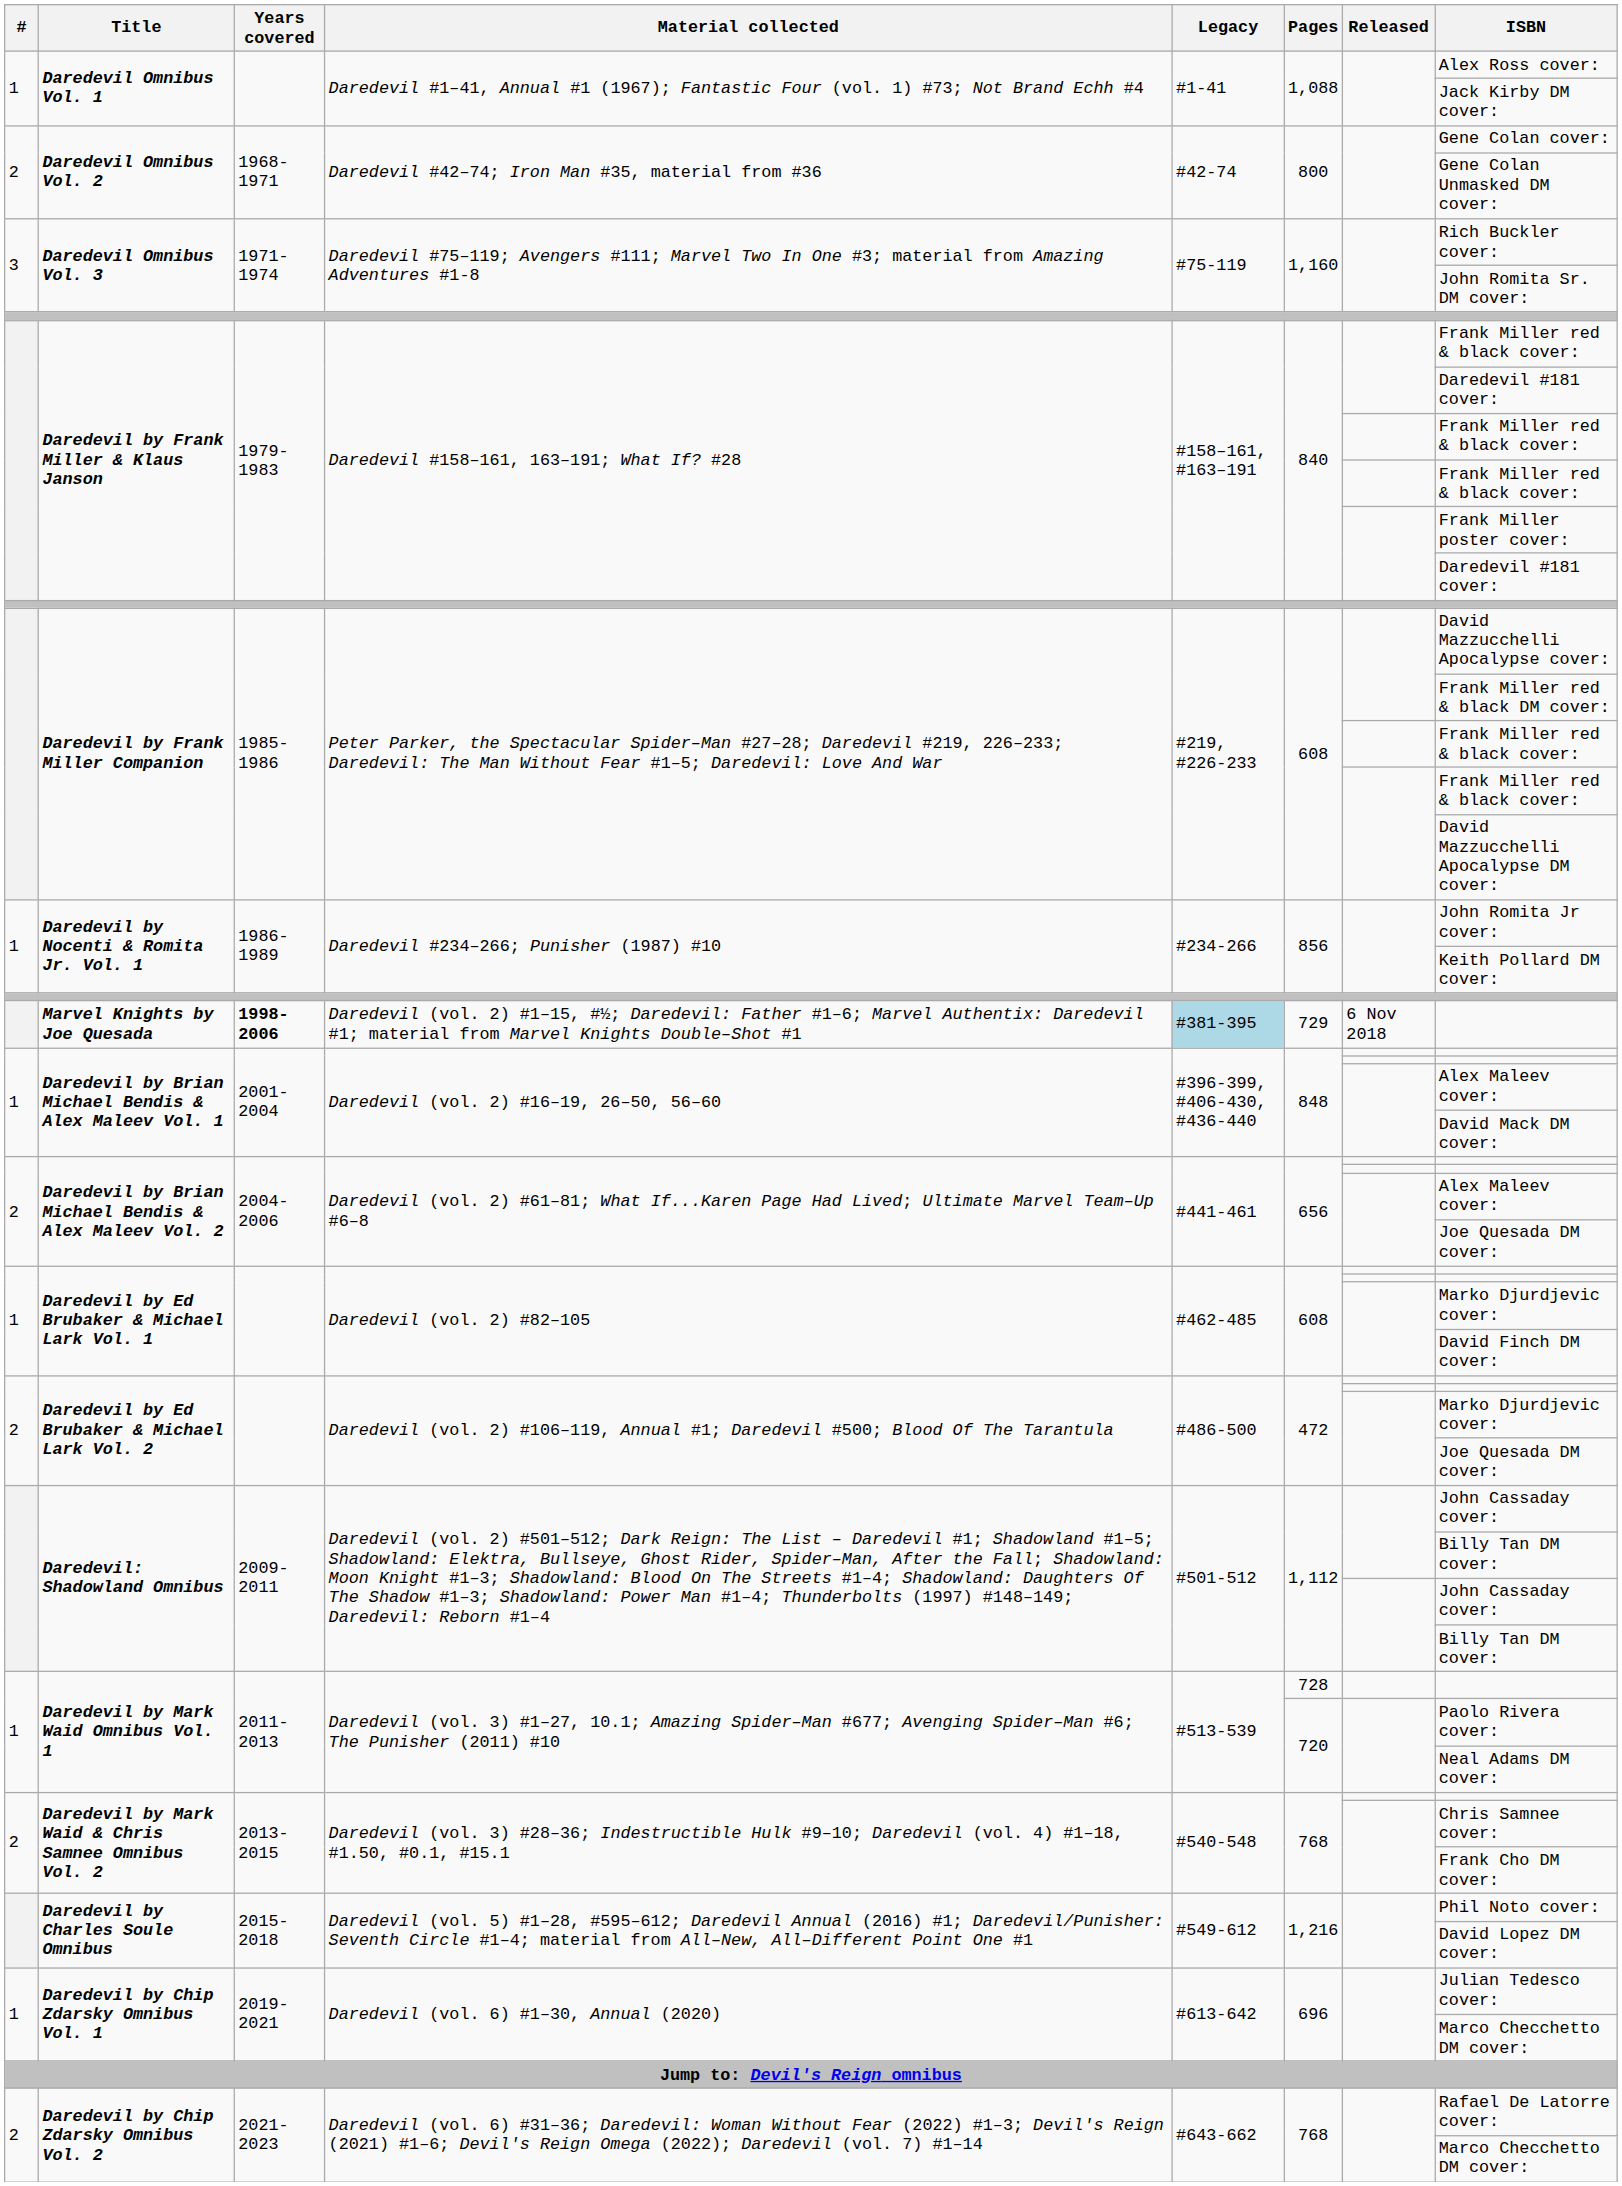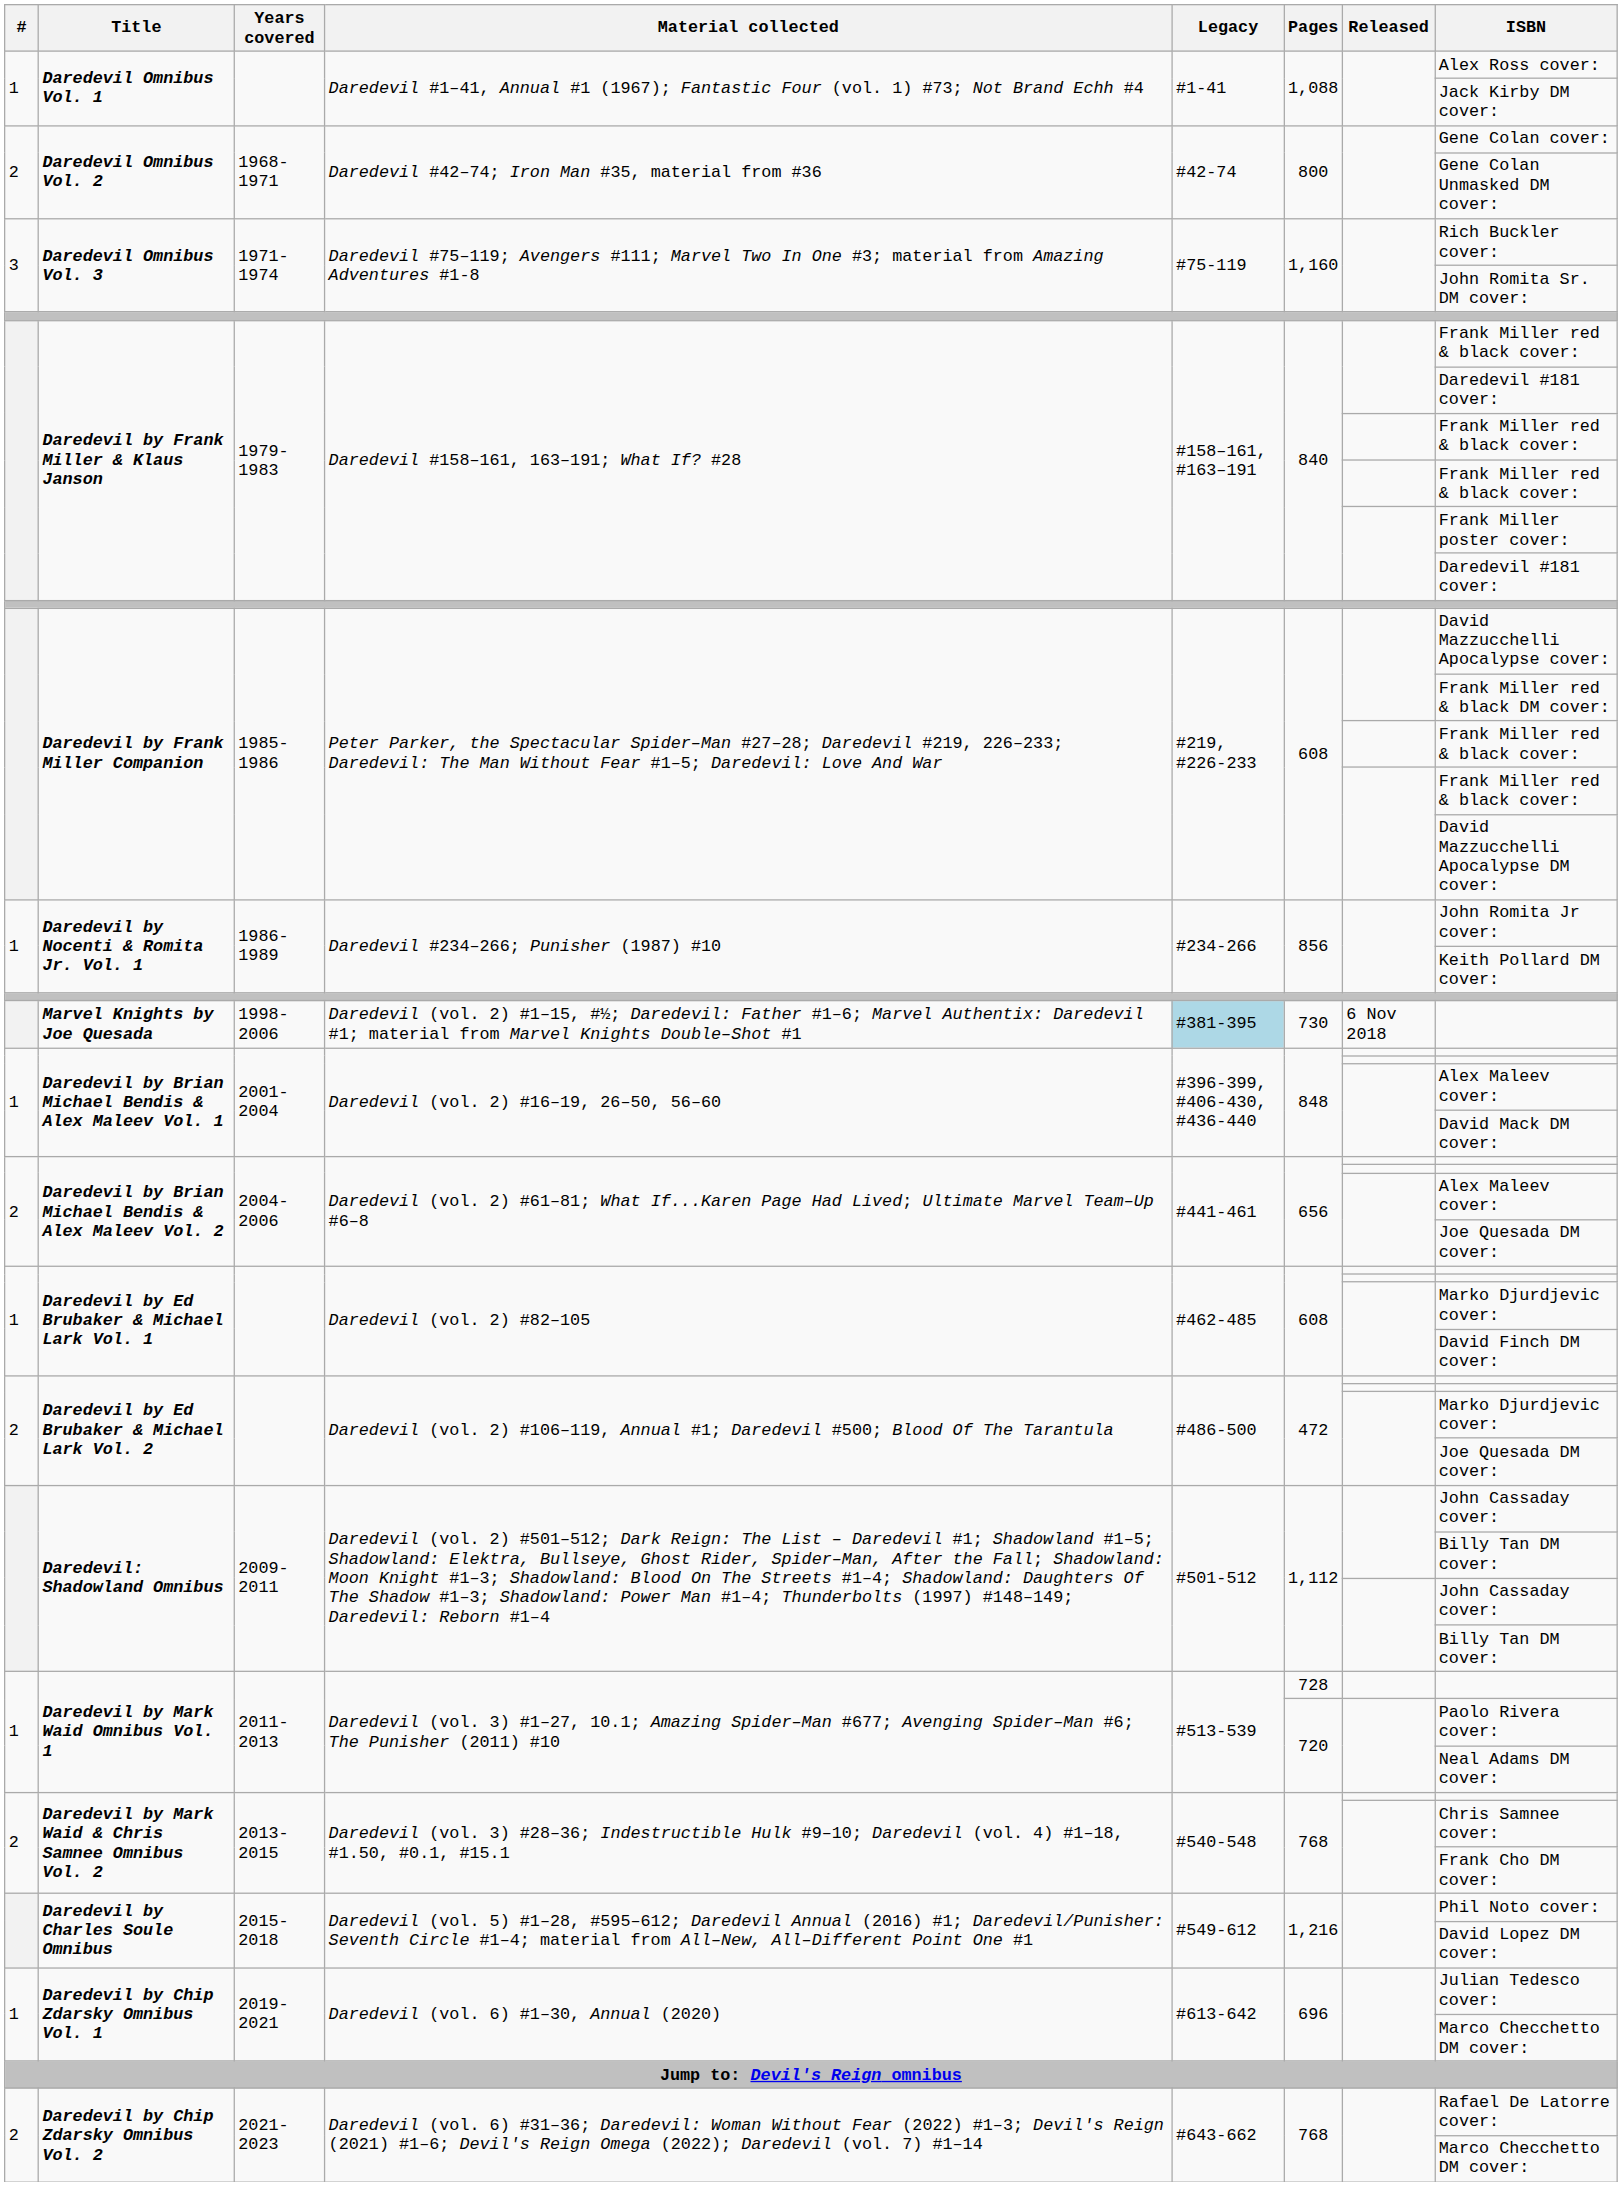 <table class="wikitable sortable">
 <tr>
 <th class="unsortable" width="20px">#</th>
 <th>Title</th>
 <th>Years covered</th>
 <th class="unsortable">Material collected</th>
 <th>Legacy</th>
 <th>Pages</th>
 <th>Released</th>
 <th class="unsortable">ISBN</th>
 </tr>
 <tr>
 <td rowspan=2>1</td>
 <td rowspan=2><strong><em>Daredevil Omnibus Vol. 1</em></strong></td>
 <td rowspan=2></td>
 <td rowspan=2><em>Daredevil</em> #1–41, <em>Annual</em> #1 (1967); <em>Fantastic Four</em> (vol. 1) #73; <em>Not Brand Echh</em> #4</td>
 <td rowspan=2>#1-41</td>
 <td rowspan=2 style="text-align: center;">1,088</td>
 <td rowspan=2></td>
 <td>Alex Ross cover: </td>
 </tr>
 <tr>
 <td>Jack Kirby DM cover: </td>
 </tr>
 <tr>
 <td rowspan=2>2</td>
 <td rowspan=2><strong><em>Daredevil Omnibus Vol. 2</em></strong></td>
 <td rowspan=2>1968-1971</td>
 <td rowspan=2><em>Daredevil</em> #42–74; <em>Iron Man</em> #35, material from #36</td>
 <td rowspan=2>#42-74</td>
 <td rowspan=2 style="text-align: center;">800</td>
 <td rowspan=2></td>
 <td>Gene Colan cover: </td>
 </tr>
 <tr>
 <td>Gene Colan Unmasked DM cover: </td>
 </tr>
 <tr>
 <td rowspan=2>3</td>
 <td rowspan=2><strong><em>Daredevil Omnibus Vol. 3</em></strong></td>
 <td rowspan=2>1971-1974</td>
 <td rowspan=2><em>Daredevil</em> #75–119; <em>Avengers</em> #111; <em>Marvel Two In One</em> #3; material from <em>Amazing Adventures</em> #1-8</td>
 <td rowspan=2>#75-119</td>
 <td rowspan=2 style="text-align: center;">1,160</td>
 <td rowspan=2></td>
 <td>Rich Buckler cover: </td>
 </tr>
 <tr>
 <td>John Romita Sr. DM cover: </td>
 </tr>
 <tr>
 <td colspan=8 style="background-color: silver;"></td>
 </tr>
 <tr>
 <th style="background-color: light grey;" rowspan=6></th>
 <td rowspan=6><strong><em>Daredevil by Frank Miller & Klaus Janson</em></strong></td>
 <td rowspan=6>1979-1983</td>
 <td rowspan=6><em>Daredevil</em> #158–161, 163–191; <em>What If?</em> #28</td>
 <td rowspan=6>#158–161, #163–191</td>
 <td rowspan=6 style="text-align: center;">840</td>
 <td rowspan=2></td>
 <td>Frank Miller red & black cover: </td>
 </tr>
 <tr>
 <td>Daredevil #181 cover: </td>
 </tr>
 <tr>
 <td></td>
 <td>Frank Miller red & black cover: </td>
 </tr>
 <tr>
 <td></td>
 <td>Frank Miller red & black cover: </td>
 </tr>
 <tr>
 <td rowspan=2></td>
 <td>Frank Miller poster cover: </td>
 </tr>
 <tr>
 <td>Daredevil #181 cover: </td>
 </tr>
 <tr>
 <td colspan=8 style="background-color: silver;"></td>
 </tr>
 <tr>
 <th style="background-color: light grey;" rowspan=5></th>
 <td rowspan=5><strong><em>Daredevil by Frank Miller Companion</em></strong></td>
 <td rowspan=5>1985-1986</td>
 <td rowspan=5><em>Peter Parker, the Spectacular Spider–Man</em> #27–28; <em>Daredevil</em> #219, 226–233; <em>Daredevil: The Man Without Fear</em> #1–5; <em>Daredevil: Love And War</em></td>
 <td rowspan=5>#219, #226-233</td>
 <td rowspan=5 style="text-align: center;">608</td>
 <td rowspan=2></td>
 <td>David Mazzucchelli Apocalypse cover: </td>
 </tr>
 <tr>
 <td>Frank Miller red & black DM cover: </td>
 </tr>
 <tr>
 <td></td>
 <td>Frank Miller red & black cover: </td>
 </tr>
 <tr>
 <td rowspan=2></td>
 <td>Frank Miller red & black cover: </td>
 </tr>
 <tr>
 <td>David Mazzucchelli Apocalypse DM cover: </td>
 </tr>
 <tr>
 <td rowspan=2>1</td>
 <td rowspan=2><strong><em>Daredevil by Nocenti & Romita Jr. Vol. 1</em></strong></td>
 <td rowspan=2>1986-1989</td>
 <td rowspan=2><em>Daredevil</em> #234–266; <em>Punisher</em> (1987) #10</td>
 <td rowspan=2>#234-266</td>
 <td rowspan=2 style="text-align: center;">856</td>
 <td rowspan=2></td>
 <td>John Romita Jr cover: </td>
 </tr>
 <tr>
 <td>Keith Pollard DM cover: </td>
 </tr>
 <tr>
 <td colspan=8 style="background-color: silver;"></td>
 </tr>
 <tr>
 <th style="background-color: light grey;"></th>
 <td><strong><em>Marvel Knights by Joe Quesada</em></strong></td>
-<td><strong>1998-2006</strong></td>
+<td>1998-2006</td>
 <td><em>Daredevil</em> (vol. 2) #1–15, #½; <em>Daredevil: Father</em> #1–6; <em>Marvel Authentix: Daredevil</em> #1; material from <em>Marvel Knights Double–Shot</em> #1</td>
 <td style="background: lightblue;">#381-395</td>
-<td style="text-align: center;">729</td>
+<td style="text-align: center;">730</td>
 <td>6 Nov 2018</td>
 <td></td>
 </tr>
 <tr>
 <td rowspan=4>1</td>
 <td rowspan=4><strong><em>Daredevil by Brian Michael Bendis & Alex Maleev Vol. 1</em></strong></td>
 <td rowspan=4>2001-2004</td>
 <td rowspan=4><em>Daredevil</em> (vol. 2) #16–19, 26–50, 56–60</td>
 <td rowspan=4>#396-399, #406-430, #436-440</td>
 <td rowspan=4 style="text-align: center;">848</td>
 <td></td>
 <td></td>
 </tr>
 <tr>
 <td></td>
 <td></td>
 </tr>
 <tr>
 <td rowspan=2></td>
 <td>Alex Maleev cover: </td>
 </tr>
 <tr>
 <td>David Mack DM cover: </td>
 </tr>
 <tr>
 <td rowspan=4>2</td>
 <td rowspan=4><strong><em>Daredevil by Brian Michael Bendis & Alex Maleev Vol. 2</em></strong></td>
 <td rowspan=4>2004-2006</td>
 <td rowspan=4><em>Daredevil</em> (vol. 2) #61–81; <em>What If...Karen Page Had Lived</em>; <em>Ultimate Marvel Team–Up</em> #6–8</td>
 <td rowspan=4>#441-461</td>
 <td rowspan=4 style="text-align: center;">656</td>
 <td></td>
 <td></td>
 </tr>
 <tr>
 <td></td>
 <td></td>
 </tr>
 <tr>
 <td rowspan=2></td>
 <td>Alex Maleev cover: </td>
 </tr>
 <tr>
 <td>Joe Quesada DM cover: </td>
 </tr>
 <tr>
 <td rowspan=4>1</td>
 <td rowspan=4><strong><em>Daredevil by Ed Brubaker & Michael Lark Vol. 1</em></strong></td>
 <td rowspan=4></td>
 <td rowspan=4><em>Daredevil</em> (vol. 2) #82–105</td>
 <td rowspan=4>#462-485</td>
 <td rowspan=4 style="text-align: center;">608</td>
 <td></td>
 <td></td>
 </tr>
 <tr>
 <td></td>
 <td></td>
 </tr>
 <tr>
 <td rowspan=2></td>
 <td>Marko Djurdjevic cover: </td>
 </tr>
 <tr>
 <td>David Finch DM cover: </td>
 </tr>
 <tr>
 <td rowspan=4>2</td>
 <td rowspan=4><strong><em>Daredevil by Ed Brubaker & Michael Lark Vol. 2</em></strong></td>
 <td rowspan=4></td>
 <td rowspan=4><em>Daredevil</em> (vol. 2) #106–119, <em>Annual</em> #1; <em>Daredevil</em> #500; <em>Blood Of The Tarantula</em></td>
 <td rowspan=4>#486-500</td>
 <td rowspan=4 style="text-align: center;">472</td>
 <td></td>
 <td></td>
 </tr>
 <tr>
 <td></td>
 <td></td>
 </tr>
 <tr>
 <td rowspan=2></td>
 <td>Marko Djurdjevic cover: </td>
 </tr>
 <tr>
 <td>Joe Quesada DM cover: </td>
 </tr>
 <tr>
 <th rowspan=4 style="background-color: light grey;"></th>
 <td rowspan=4><strong><em>Daredevil: Shadowland Omnibus</em></strong></td>
 <td rowspan=4>2009-2011</td>
 <td rowspan=4><em>Daredevil</em> (vol. 2) #501–512; <em>Dark Reign: The List – Daredevil</em> #1; <em>Shadowland</em> #1–5; <em>Shadowland: Elektra, Bullseye, Ghost Rider, Spider–Man, After the Fall</em>; <em>Shadowland: Moon Knight</em> #1–3; <em>Shadowland: Blood On The Streets</em> #1–4; <em>Shadowland: Daughters Of The Shadow</em> #1–3; <em>Shadowland: Power Man</em> #1–4; <em>Thunderbolts</em> (1997) #148–149; <em>Daredevil: Reborn</em> #1–4</td>
 <td rowspan=4>#501-512</td>
 <td rowspan=4 style="text-align: center;">1,112</td>
 <td rowspan=2></td>
 <td>John Cassaday cover: </td>
 </tr>
 <tr>
 <td>Billy Tan DM cover: </td>
 </tr>
 <tr>
 <td rowspan=2></td>
 <td>John Cassaday cover: </td>
 </tr>
 <tr>
 <td>Billy Tan DM cover: </td>
 </tr>
 <tr>
 <td rowspan=3>1</td>
 <td rowspan=3><strong><em>Daredevil by Mark Waid Omnibus Vol. 1</em></strong></td>
 <td rowspan=3>2011-2013</td>
 <td rowspan=3><em>Daredevil</em> (vol. 3) #1–27, 10.1; <em>Amazing Spider–Man</em> #677; <em>Avenging Spider–Man</em> #6; <em>The Punisher</em> (2011) #10</td>
 <td rowspan=3>#513-539</td>
 <td style="text-align: center;">728</td>
 <td></td>
 <td></td>
 </tr>
 <tr>
 <td rowspan=2 style="text-align: center;">720</td>
 <td rowspan=2></td>
 <td>Paolo Rivera cover: </td>
 </tr>
 <tr>
 <td>Neal Adams DM cover: </td>
 </tr>
 <tr>
 <td rowspan=3>2</td>
 <td rowspan=3><strong><em>Daredevil by Mark Waid & Chris Samnee Omnibus Vol. 2</em></strong></td>
 <td rowspan=3>2013-2015</td>
 <td rowspan=3><em>Daredevil</em> (vol. 3) #28–36; <em>Indestructible Hulk</em> #9–10; <em>Daredevil</em> (vol. 4) #1–18, #1.50, #0.1, #15.1</td>
 <td rowspan=3>#540-548</td>
 <td rowspan=3 style="text-align: center;">768</td>
 <td></td>
 <td></td>
 </tr>
 <tr>
 <td rowspan="2"></td>
 <td>Chris Samnee cover: </td>
 </tr>
 <tr>
 <td>Frank Cho DM cover: </td>
 </tr>
 <tr>
 <th rowspan=2 style="background-color: light grey;"></th>
 <td rowspan=2><strong><em>Daredevil by Charles Soule Omnibus</em></strong></td>
 <td rowspan=2>2015-2018</td>
 <td rowspan=2><em>Daredevil</em> (vol. 5) #1–28, #595–612; <em>Daredevil Annual</em> (2016) #1; <em>Daredevil/Punisher: Seventh Circle</em> #1–4; material from <em>All–New, All–Different Point One</em> #1</td>
 <td rowspan=2>#549-612</td>
 <td rowspan=2 style="text-align: center;">1,216</td>
 <td rowspan=2></td>
 <td>Phil Noto cover: </td>
 </tr>
 <tr>
 <td>David Lopez DM cover: </td>
 </tr>
 <tr>
 <td rowspan=2>1</td>
 <td rowspan=2><strong><em>Daredevil by Chip Zdarsky Omnibus Vol. 1</em></strong></td>
 <td rowspan=2>2019-2021</td>
 <td rowspan=2><em>Daredevil</em> (vol. 6) #1–30, <em>Annual</em> (2020)</td>
 <td rowspan=2>#613-642</td>
 <td rowspan=2 style="text-align: center;">696</td>
 <td rowspan=2></td>
 <td>Julian Tedesco cover: </td>
 </tr>
 <tr>
 <td>Marco Checchetto DM cover: </td>
 </tr>
 <tr>
 <th colspan=8 style="background-color: silver;">Jump to: <a href='#'><em>Devil's Reign</em> omnibus</a></th>
 </tr>
 <tr>
 <td rowspan=2>2</td>
 <td rowspan=2><strong><em>Daredevil by Chip Zdarsky Omnibus Vol. 2</em></strong></td>
 <td rowspan=2>2021-2023</td>
 <td rowspan=2><em>Daredevil</em> (vol. 6) #31–36; <em>Daredevil: Woman Without Fear</em> (2022) #1–3; <em>Devil's Reign</em> (2021) #1–6; <em>Devil's Reign Omega</em> (2022); <em>Daredevil</em> (vol. 7) #1–14</td>
 <td rowspan=2>#643-662</td>
 <td rowspan=2 style="text-align: center;">768</td>
 <td rowspan=2></td>
 <td>Rafael De Latorre cover: </td>
 </tr>
 <tr>
 <td>Marco Checchetto DM cover: </td>
 </tr>
 </table>
